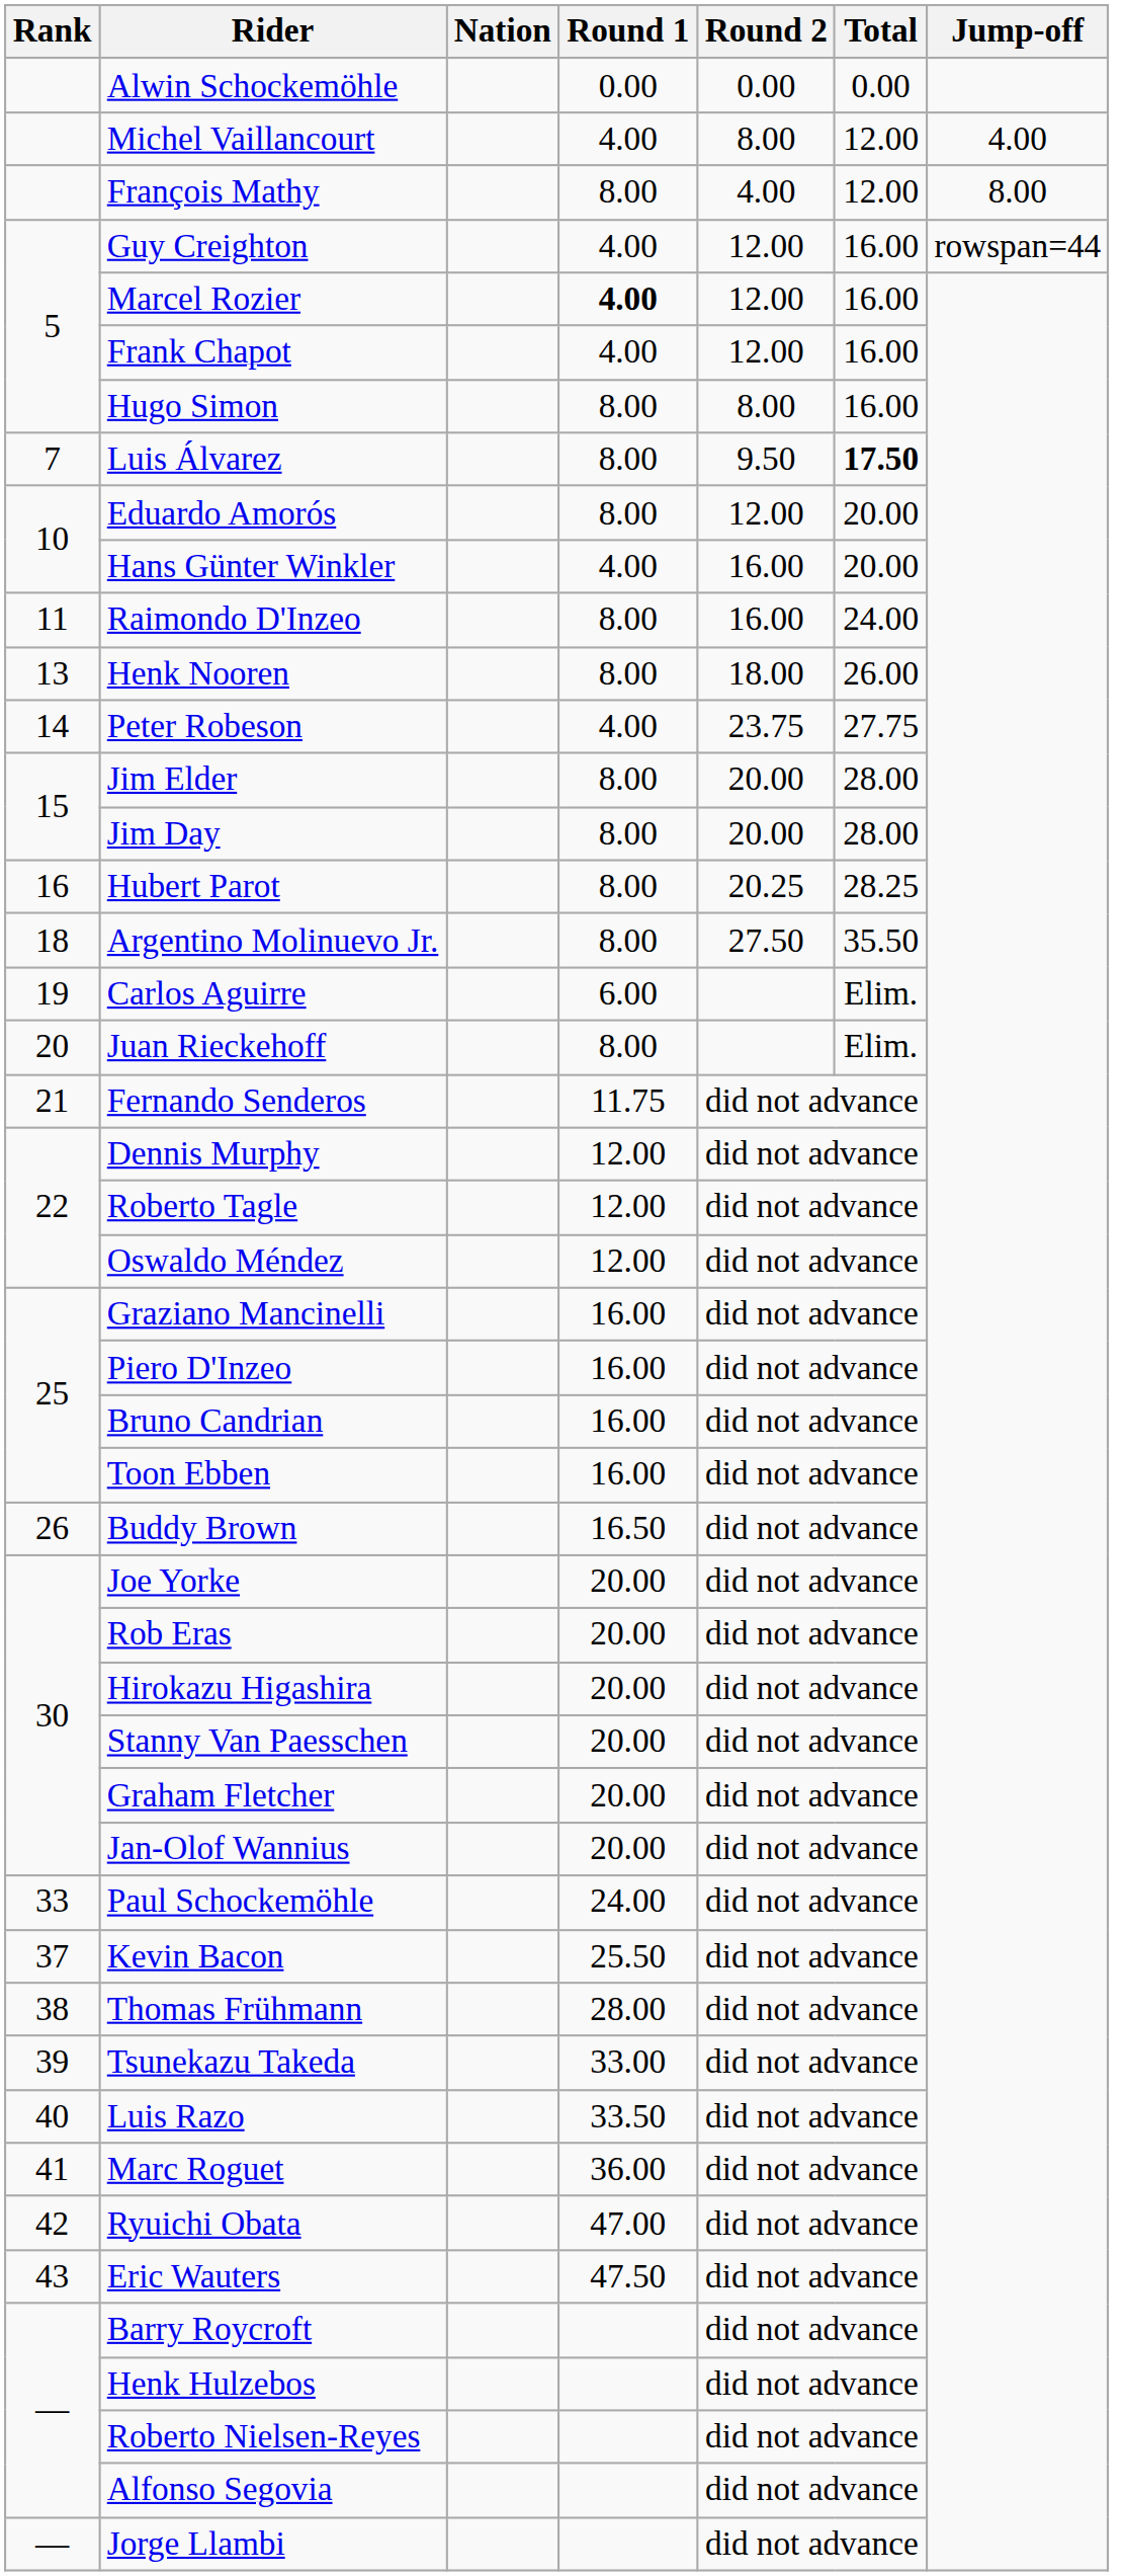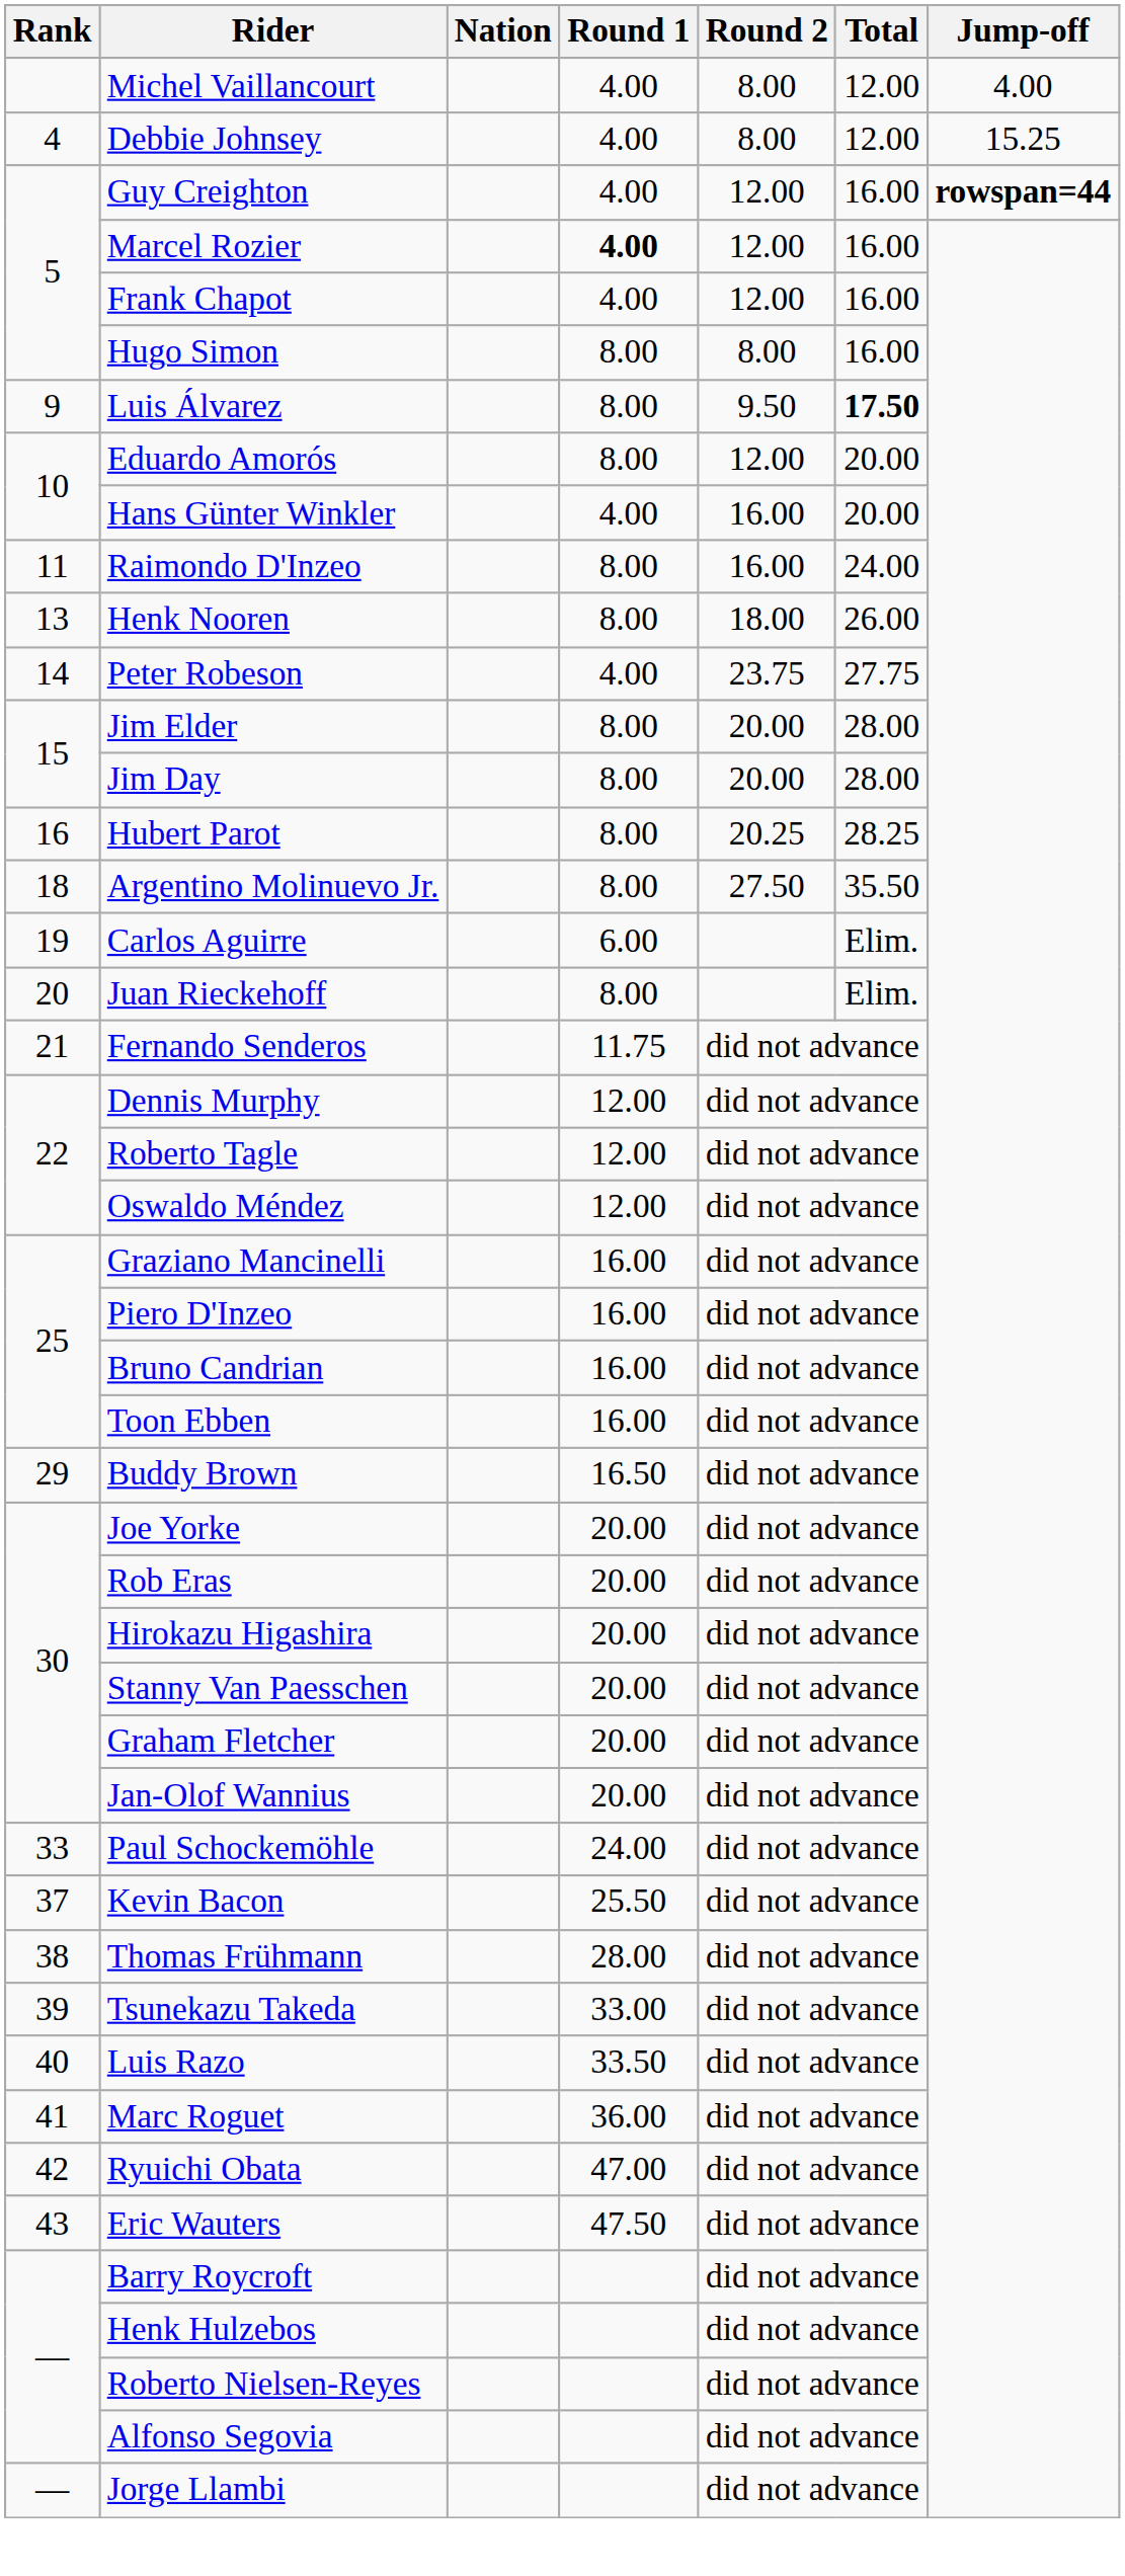 <table class="wikitable sortable" style="text-align:center">
 <tr>
 <th>Rank</th>
 <th>Rider</th>
 <th>Nation</th>
 <th>Round 1</th>
 <th>Round 2</th>
 <th>Total</th>
 <th>Jump-off</th>
 </tr>
 <tr>
 <td></td>
-<td align="left"><a href='#'>Alwin Schockemöhle</a></td>
-<td align="left"></td>
-<td>0.00</td>
-<td>0.00</td>
-<td>0.00</td>
-<td></td>
-</tr>
-<tr>
-<td></td>
 <td align="left"><a href='#'>Michel Vaillancourt</a></td>
 <td align="left"></td>
 <td>4.00</td>
 <td>8.00</td>
 <td>12.00</td>
 <td>4.00</td>
 </tr>
 <tr>
-<td></td>
-<td align="left"><a href='#'>François Mathy</a></td>
+<td>4</td>
+<td align="left"><a href='#'>Debbie Johnsey</a></td>
 <td align="left"></td>
+<td>4.00</td>
 <td>8.00</td>
-<td>4.00</td>
 <td>12.00</td>
-<td>8.00</td>
+<td>15.25</td>
 </tr>
 <tr>
 <td rowspan=4>5</td>
 <td align="left"><a href='#'>Guy Creighton</a></td>
 <td align="left"></td>
 <td>4.00</td>
 <td>12.00</td>
 <td>16.00</td>
-<td>rowspan=44 </td>
+<td><strong>rowspan=44 </strong></td>
 </tr>
 <tr>
 <td align="left"><a href='#'>Marcel Rozier</a></td>
 <td align="left"></td>
 <td><strong>4.00</strong></td>
 <td>12.00</td>
 <td>16.00</td>
 </tr>
 <tr>
 <td align="left"><a href='#'>Frank Chapot</a></td>
 <td align="left"></td>
 <td>4.00</td>
 <td>12.00</td>
 <td>16.00</td>
 </tr>
 <tr>
 <td align="left"><a href='#'>Hugo Simon</a></td>
 <td align="left"></td>
 <td>8.00</td>
 <td>8.00</td>
 <td>16.00</td>
 </tr>
 <tr>
-<td>7</td>
+<td>9</td>
 <td align="left"><a href='#'>Luis Álvarez</a></td>
 <td align="left"></td>
 <td>8.00</td>
 <td>9.50</td>
 <td><strong>17.50</strong></td>
 </tr>
 <tr>
 <td rowspan=2>10</td>
 <td align="left"><a href='#'>Eduardo Amorós</a></td>
 <td align="left"></td>
 <td>8.00</td>
 <td>12.00</td>
 <td>20.00</td>
 </tr>
 <tr>
 <td align="left"><a href='#'>Hans Günter Winkler</a></td>
 <td align="left"></td>
 <td>4.00</td>
 <td>16.00</td>
 <td>20.00</td>
 </tr>
 <tr>
 <td>11</td>
 <td align="left"><a href='#'>Raimondo D'Inzeo</a></td>
 <td align="left"></td>
 <td>8.00</td>
 <td>16.00</td>
 <td>24.00</td>
 </tr>
 <tr>
 <td>13</td>
 <td align="left"><a href='#'>Henk Nooren</a></td>
 <td align="left"></td>
 <td>8.00</td>
 <td>18.00</td>
 <td>26.00</td>
 </tr>
 <tr>
 <td>14</td>
 <td align="left"><a href='#'>Peter Robeson</a></td>
 <td align="left"></td>
 <td>4.00</td>
 <td>23.75</td>
 <td>27.75</td>
 </tr>
 <tr>
 <td rowspan=2>15</td>
 <td align="left"><a href='#'>Jim Elder</a></td>
 <td align="left"></td>
 <td>8.00</td>
 <td>20.00</td>
 <td>28.00</td>
 </tr>
 <tr>
 <td align="left"><a href='#'>Jim Day</a></td>
 <td align="left"></td>
 <td>8.00</td>
 <td>20.00</td>
 <td>28.00</td>
 </tr>
 <tr>
 <td>16</td>
 <td align="left"><a href='#'>Hubert Parot</a></td>
 <td align="left"></td>
 <td>8.00</td>
 <td>20.25</td>
 <td>28.25</td>
 </tr>
 <tr>
 <td>18</td>
 <td align="left"><a href='#'>Argentino Molinuevo Jr.</a></td>
 <td align="left"></td>
 <td>8.00</td>
 <td>27.50</td>
 <td>35.50</td>
 </tr>
 <tr>
 <td>19</td>
 <td align="left"><a href='#'>Carlos Aguirre</a></td>
 <td align="left"></td>
 <td>6.00</td>
 <td></td>
 <td>Elim.</td>
 </tr>
 <tr>
 <td>20</td>
 <td align="left"><a href='#'>Juan Rieckehoff</a></td>
 <td align="left"></td>
 <td>8.00</td>
 <td></td>
 <td>Elim.</td>
 </tr>
 <tr>
 <td>21</td>
 <td align="left"><a href='#'>Fernando Senderos</a></td>
 <td align="left"></td>
 <td>11.75</td>
 <td colspan=2>did not advance</td>
 </tr>
 <tr>
 <td rowspan=3>22</td>
 <td align="left"><a href='#'>Dennis Murphy</a></td>
 <td align="left"></td>
 <td>12.00</td>
 <td colspan=2>did not advance</td>
 </tr>
 <tr>
 <td align="left"><a href='#'>Roberto Tagle</a></td>
 <td align="left"></td>
 <td>12.00</td>
 <td colspan=2>did not advance</td>
 </tr>
 <tr>
 <td align="left"><a href='#'>Oswaldo Méndez</a></td>
 <td align="left"></td>
 <td>12.00</td>
 <td colspan=2>did not advance</td>
 </tr>
 <tr>
 <td rowspan=4>25</td>
 <td align="left"><a href='#'>Graziano Mancinelli</a></td>
 <td align="left"></td>
 <td>16.00</td>
 <td colspan=2>did not advance</td>
 </tr>
 <tr>
 <td align="left"><a href='#'>Piero D'Inzeo</a></td>
 <td align="left"></td>
 <td>16.00</td>
 <td colspan=2>did not advance</td>
 </tr>
 <tr>
 <td align="left"><a href='#'>Bruno Candrian</a></td>
 <td align="left"></td>
 <td>16.00</td>
 <td colspan=2>did not advance</td>
 </tr>
 <tr>
 <td align="left"><a href='#'>Toon Ebben</a></td>
 <td align="left"></td>
 <td>16.00</td>
 <td colspan=2>did not advance</td>
 </tr>
 <tr>
-<td>26</td>
+<td>29</td>
 <td align="left"><a href='#'>Buddy Brown</a></td>
 <td align="left"></td>
 <td>16.50</td>
 <td colspan=2>did not advance</td>
 </tr>
 <tr>
 <td rowspan=6>30</td>
 <td align="left"><a href='#'>Joe Yorke</a></td>
 <td align="left"></td>
 <td>20.00</td>
 <td colspan=2>did not advance</td>
 </tr>
 <tr>
 <td align="left"><a href='#'>Rob Eras</a></td>
 <td align="left"></td>
 <td>20.00</td>
 <td colspan=2>did not advance</td>
 </tr>
 <tr>
 <td align="left"><a href='#'>Hirokazu Higashira</a></td>
 <td align="left"></td>
 <td>20.00</td>
 <td colspan=2>did not advance</td>
 </tr>
 <tr>
 <td align="left"><a href='#'>Stanny Van Paesschen</a></td>
 <td align="left"></td>
 <td>20.00</td>
 <td colspan=2>did not advance</td>
 </tr>
 <tr>
 <td align="left"><a href='#'>Graham Fletcher</a></td>
 <td align="left"></td>
 <td>20.00</td>
 <td colspan=2>did not advance</td>
 </tr>
 <tr>
 <td align="left"><a href='#'>Jan-Olof Wannius</a></td>
 <td align="left"></td>
 <td>20.00</td>
 <td colspan=2>did not advance</td>
 </tr>
 <tr>
 <td>33</td>
 <td align="left"><a href='#'>Paul Schockemöhle</a></td>
 <td align="left"></td>
 <td>24.00</td>
 <td colspan=2>did not advance</td>
 </tr>
 <tr>
 <td>37</td>
 <td align="left"><a href='#'>Kevin Bacon</a></td>
 <td align="left"></td>
 <td>25.50</td>
 <td colspan=2>did not advance</td>
 </tr>
 <tr>
 <td>38</td>
 <td align="left"><a href='#'>Thomas Frühmann</a></td>
 <td align="left"></td>
 <td>28.00</td>
 <td colspan=2>did not advance</td>
 </tr>
 <tr>
 <td>39</td>
 <td align="left"><a href='#'>Tsunekazu Takeda</a></td>
 <td align="left"></td>
 <td>33.00</td>
 <td colspan=2>did not advance</td>
 </tr>
 <tr>
 <td>40</td>
 <td align="left"><a href='#'>Luis Razo</a></td>
 <td align="left"></td>
 <td>33.50</td>
 <td colspan=2>did not advance</td>
 </tr>
 <tr>
 <td>41</td>
 <td align="left"><a href='#'>Marc Roguet</a></td>
 <td align="left"></td>
 <td>36.00</td>
 <td colspan=2>did not advance</td>
 </tr>
 <tr>
 <td>42</td>
 <td align="left"><a href='#'>Ryuichi Obata</a></td>
 <td align="left"></td>
 <td>47.00</td>
 <td colspan=2>did not advance</td>
 </tr>
 <tr>
 <td>43</td>
 <td align="left"><a href='#'>Eric Wauters</a></td>
 <td align="left"></td>
 <td>47.50</td>
 <td colspan=2>did not advance</td>
 </tr>
 <tr>
 <td rowspan=4 data-sort-value=44>—</td>
 <td align="left"><a href='#'>Barry Roycroft</a></td>
 <td align="left"></td>
 <td></td>
 <td colspan=2>did not advance</td>
 </tr>
 <tr>
 <td align="left"><a href='#'>Henk Hulzebos</a></td>
 <td align="left"></td>
 <td></td>
 <td colspan=2>did not advance</td>
 </tr>
 <tr>
 <td align="left"><a href='#'>Roberto Nielsen-Reyes</a></td>
 <td align="left"></td>
 <td></td>
 <td colspan=2>did not advance</td>
 </tr>
 <tr>
 <td align="left"><a href='#'>Alfonso Segovia</a></td>
 <td align="left"></td>
 <td></td>
 <td colspan=2>did not advance</td>
 </tr>
 <tr>
 <td data-sort-value=48>—</td>
 <td align="left"><a href='#'>Jorge Llambi</a></td>
 <td align="left"></td>
 <td></td>
 <td colspan=2>did not advance</td>
 </tr>
 </table>
